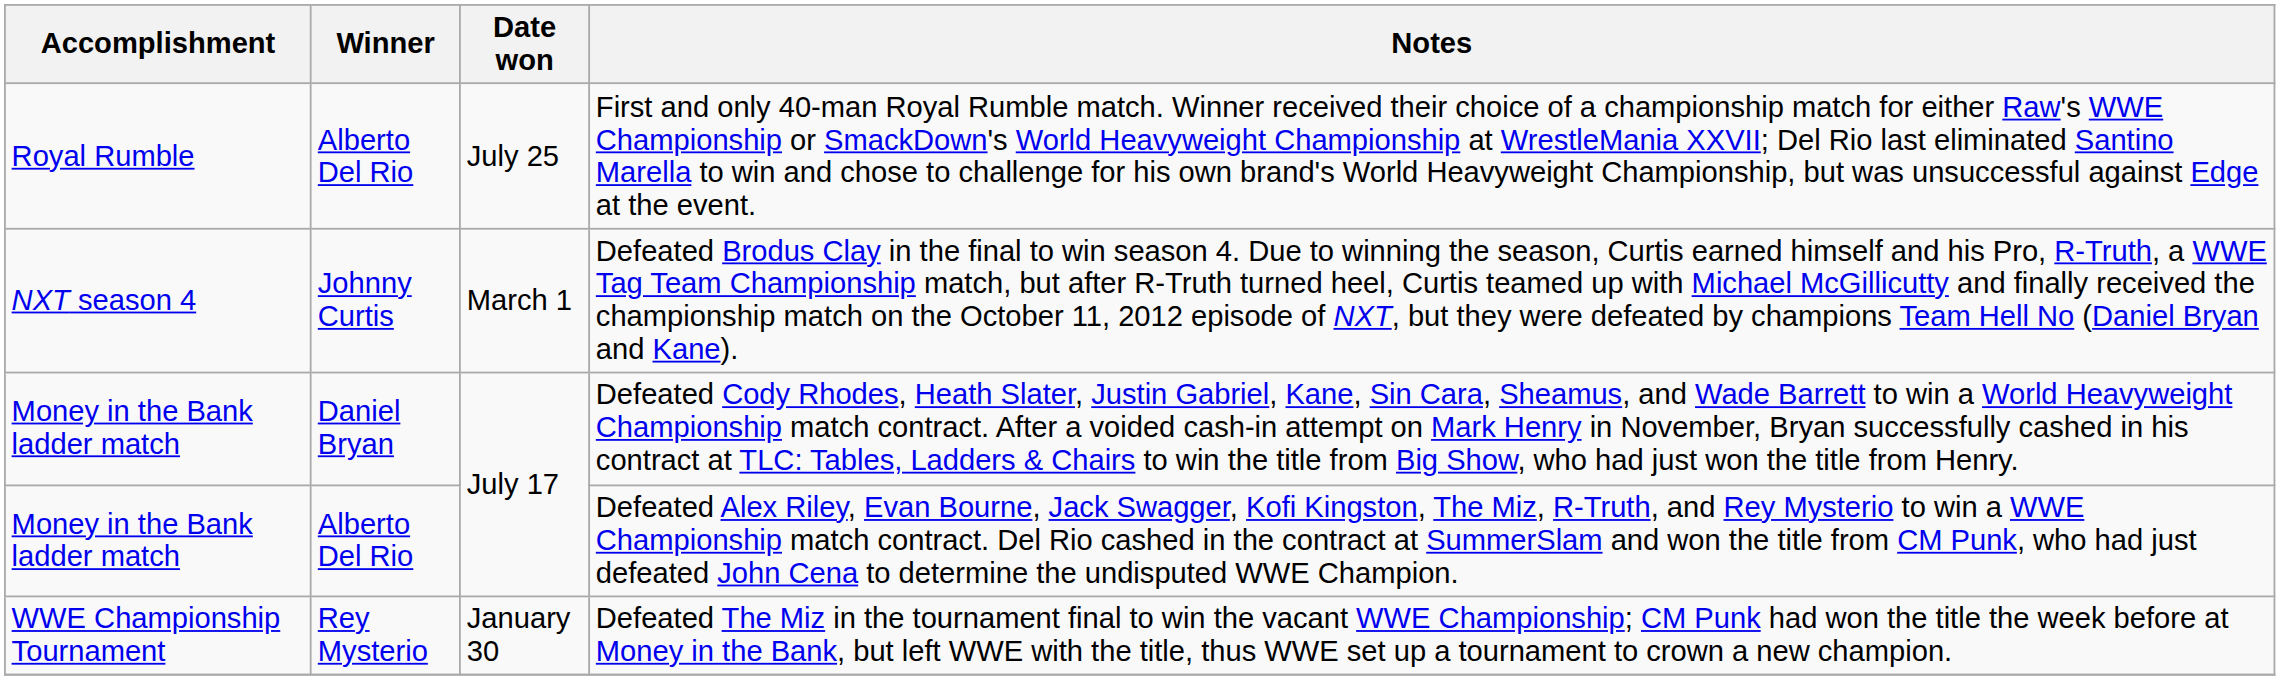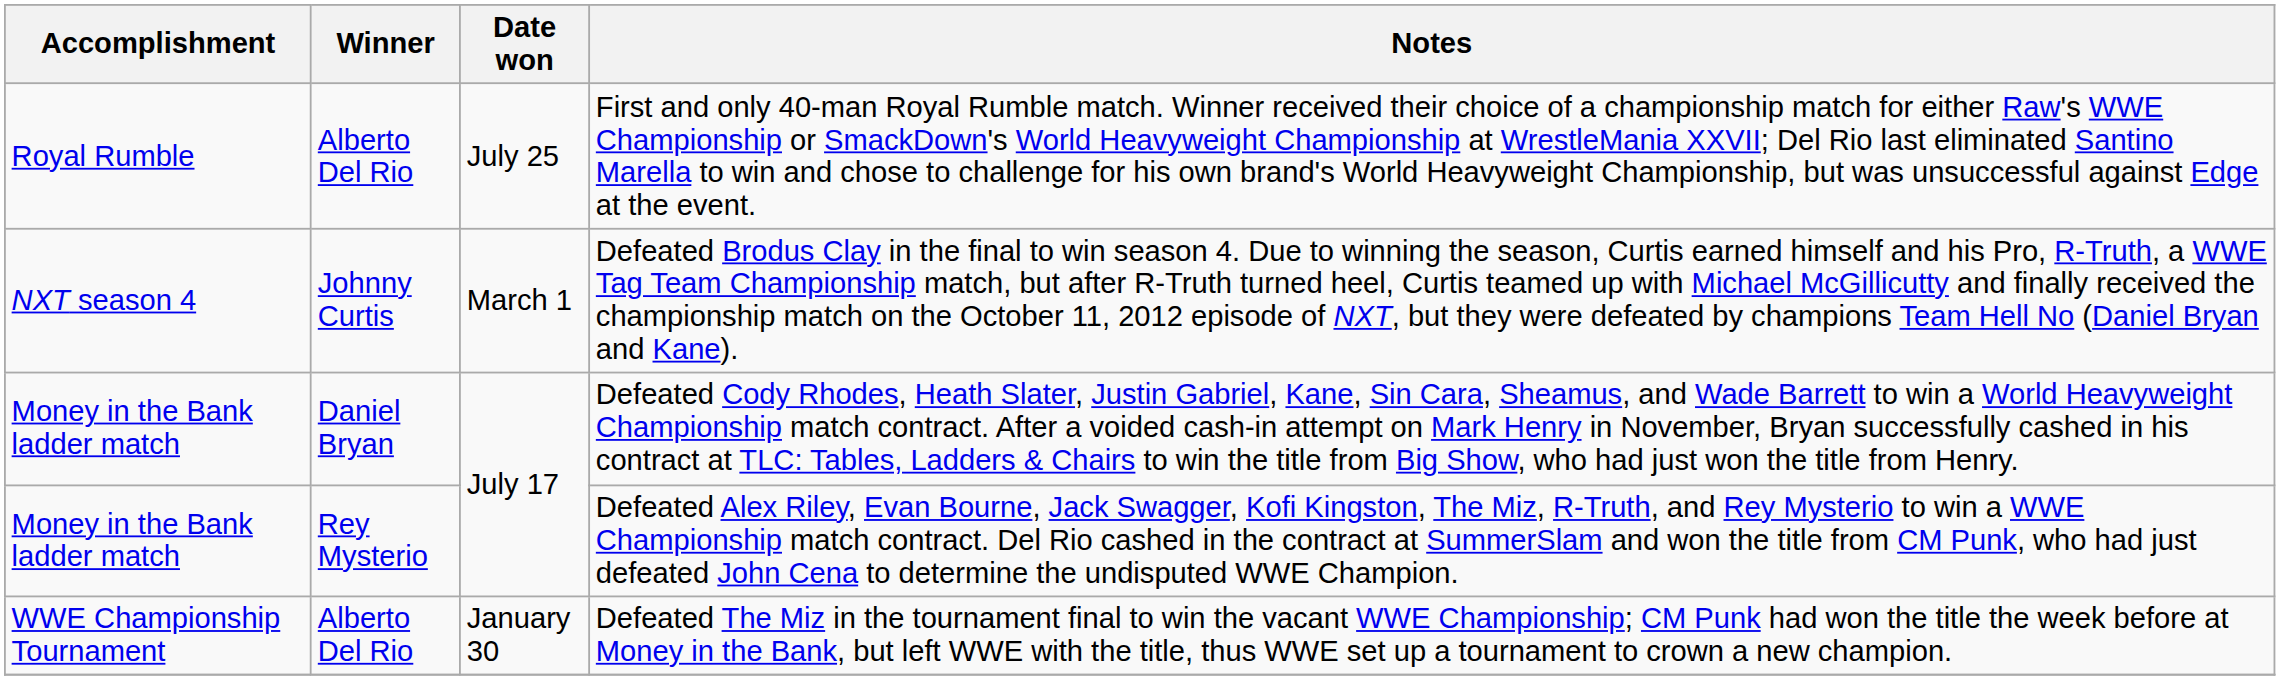 <table class="wikitable">
 <tr>
 <th>Accomplishment</th>
 <th>Winner</th>
 <th>Date won</th>
 <th>Notes</th>
 </tr>
 <tr>
 <td><a href='#'>Royal Rumble</a></td>
 <td><a href='#'>Alberto Del Rio</a></td>
 <td>July 25</td>
 <td>First and only 40-man Royal Rumble match. Winner received their choice of a championship match for either <a href='#'>Raw</a>'s <a href='#'>WWE Championship</a> or <a href='#'>SmackDown</a>'s <a href='#'>World Heavyweight Championship</a> at <a href='#'>WrestleMania XXVII</a>; Del Rio last eliminated <a href='#'>Santino Marella</a> to win and chose to challenge for his own brand's World Heavyweight Championship, but was unsuccessful against <a href='#'>Edge</a> at the event.</td>
 </tr>
 <tr>
 <td><a href='#'><em>NXT</em> season 4</a></td>
 <td><a href='#'>Johnny Curtis</a></td>
 <td>March 1</td>
 <td>Defeated <a href='#'>Brodus Clay</a> in the final to win season 4. Due to winning the season, Curtis earned himself and his Pro, <a href='#'>R-Truth</a>, a <a href='#'>WWE Tag Team Championship</a> match, but after R-Truth turned heel, Curtis teamed up with <a href='#'>Michael McGillicutty</a> and finally received the championship match on the October 11, 2012 episode of <em><a href='#'>NXT</a></em>, but they were defeated by champions <a href='#'>Team Hell No</a> (<a href='#'>Daniel Bryan</a> and <a href='#'>Kane</a>).</td>
 </tr>
 <tr>
 <td><a href='#'>Money in the Bank ladder match</a><br></td>
 <td><a href='#'>Daniel Bryan</a></td>
 <td rowspan="2">July 17</td>
 <td>Defeated <a href='#'>Cody Rhodes</a>, <a href='#'>Heath Slater</a>, <a href='#'>Justin Gabriel</a>, <a href='#'>Kane</a>, <a href='#'>Sin Cara</a>, <a href='#'>Sheamus</a>, and <a href='#'>Wade Barrett</a> to win a <a href='#'>World Heavyweight Championship</a> match contract. After a voided cash-in attempt on <a href='#'>Mark Henry</a> in November, Bryan successfully cashed in his contract at <a href='#'>TLC: Tables, Ladders & Chairs</a> to win the title from <a href='#'>Big Show</a>, who had just won the title from Henry.</td>
 </tr>
 <tr>
 <td><a href='#'>Money in the Bank ladder match</a><br></td>
-<td><a href='#'>Alberto Del Rio</a></td>
+<td><a href='#'>Rey Mysterio</a></td>
 <td>Defeated <a href='#'>Alex Riley</a>, <a href='#'>Evan Bourne</a>, <a href='#'>Jack Swagger</a>, <a href='#'>Kofi Kingston</a>,  <a href='#'>The Miz</a>, <a href='#'>R-Truth</a>, and <a href='#'>Rey Mysterio</a> to win a <a href='#'>WWE Championship</a> match contract. Del Rio cashed in the contract at <a href='#'>SummerSlam</a> and won the title from <a href='#'>CM Punk</a>, who had just defeated <a href='#'>John Cena</a> to determine the undisputed WWE Champion.</td>
 </tr>
 <tr>
 <td><a href='#'>WWE Championship Tournament</a></td>
-<td><a href='#'>Rey Mysterio</a></td>
+<td><a href='#'>Alberto Del Rio</a></td>
 <td>January 30</td>
 <td>Defeated <a href='#'>The Miz</a> in the tournament final to win the vacant <a href='#'>WWE Championship</a>; <a href='#'>CM Punk</a> had won the title the week before at <a href='#'>Money in the Bank</a>, but left WWE with the title, thus WWE set up a tournament to crown a new champion.</td>
 </tr>
 <tr>
 </tr>
 </table>
